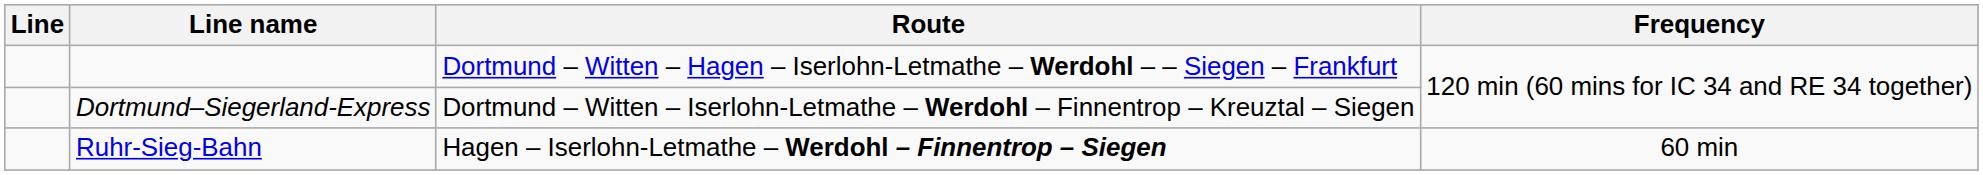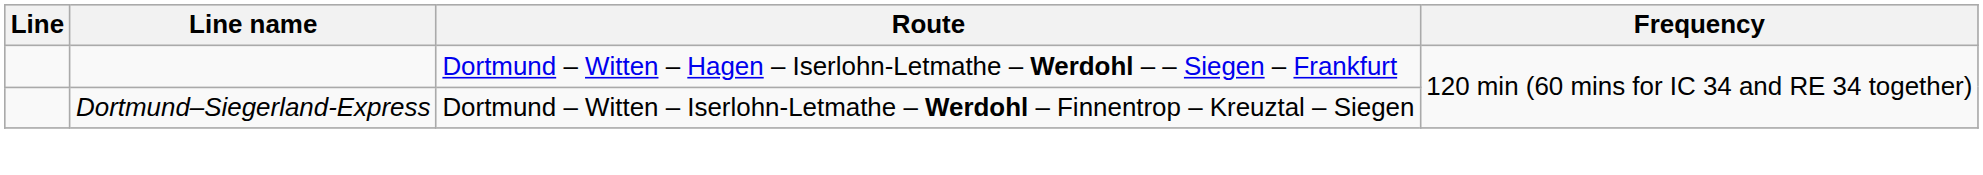 <table class="wikitable">
 <tr>
 <th>Line</th>
 <th>Line name</th>
 <th>Route</th>
 <th>Frequency</th>
 </tr>
 <tr>
 <td></td>
 <td></td>
 <td><a href='#'>Dortmund</a> – <a href='#'>Witten</a> – <a href='#'>Hagen</a> – Iserlohn-Letmathe – <strong>Werdohl</strong> –  – <a href='#'>Siegen</a> – <a href='#'>Frankfurt</a></td>
 <td rowspan="2">120 min (60 mins for IC 34 and RE 34 together)</td>
 </tr>
 <tr>
 <td></td>
 <td><em>Dortmund–Siegerland-Express</em></td>
 <td>Dortmund – Witten – Iserlohn-Letmathe – <strong>Werdohl</strong> – Finnentrop – Kreuztal – Siegen</td>
 </tr>
-<tr>
-<td></td>
-<td><a href='#'>Ruhr-Sieg-Bahn</a></td>
-<td>Hagen – Iserlohn-Letmathe – <strong>Werdohl<em> – Finnentrop – Siegen</td>
-<td align="center">60 min</td>
-</tr>
 </table>
